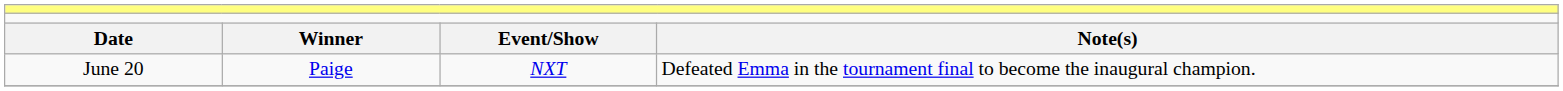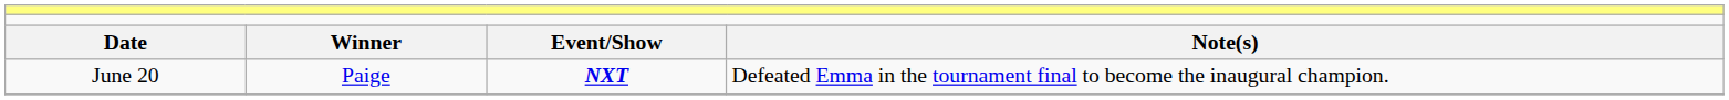 <table class="wikitable" style="text-align:center; width:100%;">
 <tr style="background:#FFFF80;">
 <td colspan="5"></td>
 </tr>
 <tr>
 <td colspan="5"><strong></strong></td>
 </tr>
 <tr>
 <th width=14%>Date</th>
 <th width=14%>Winner</th>
 <th width=14%>Event/Show</th>
 <th width=58%>Note(s)</th>
 </tr>
 <tr>
 <td>June 20<br></td>
 <td><a href='#'>Paige</a></td>
-<td><em><a href='#'>NXT</a></em></td>
+<td><strong><em><a href='#'>NXT</a></em></strong></td>
 <td align=left>Defeated <a href='#'>Emma</a> in the <a href='#'>tournament final</a> to become the inaugural champion.</td>
 </tr>
 <tr>
 </tr>
 </table>
